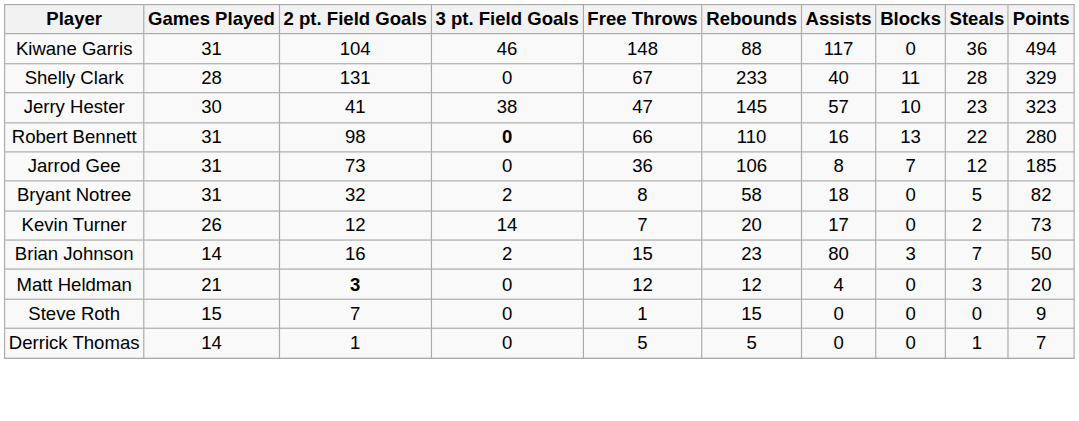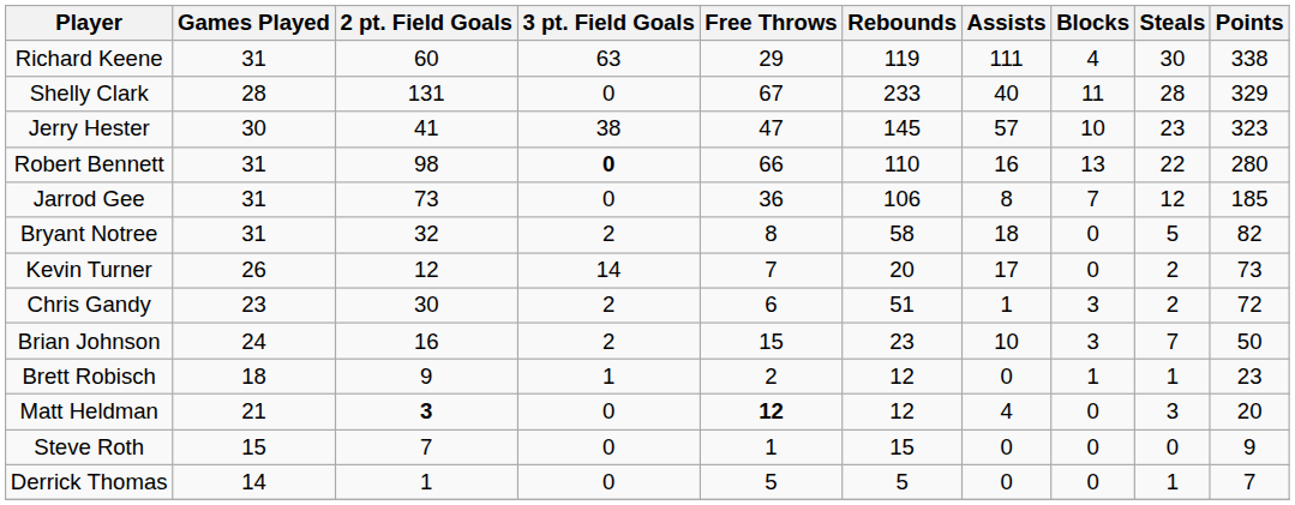 <table class="wikitable sortable" style="text-align:center">
 <tr>
 <th>Player</th>
 <th>Games Played</th>
 <th>2 pt. Field Goals</th>
 <th>3 pt. Field Goals</th>
 <th>Free Throws</th>
 <th>Rebounds</th>
 <th>Assists</th>
 <th>Blocks</th>
 <th>Steals</th>
 <th>Points</th>
 </tr>
 <tr align="center" bgcolor="">
-<td>Kiwane Garris</td>
+<td>Richard Keene</td>
 <td>31</td>
-<td>104</td>
-<td>46</td>
-<td>148</td>
-<td>88</td>
-<td>117</td>
-<td>0</td>
-<td>36</td>
-<td>494</td>
+<td>60</td>
+<td>63</td>
+<td>29</td>
+<td>119</td>
+<td>111</td>
+<td>4</td>
+<td>30</td>
+<td>338</td>
 </tr>
 <tr align="center" bgcolor="">
 <td>Shelly Clark</td>
 <td>28</td>
 <td>131</td>
 <td>0</td>
 <td>67</td>
 <td>233</td>
 <td>40</td>
 <td>11</td>
 <td>28</td>
 <td>329</td>
 </tr>
 <tr align="center" bgcolor="">
 <td>Jerry Hester</td>
 <td>30</td>
 <td>41</td>
 <td>38</td>
 <td>47</td>
 <td>145</td>
 <td>57</td>
 <td>10</td>
 <td>23</td>
 <td>323</td>
 </tr>
 <tr align="center" bgcolor="">
 <td>Robert Bennett</td>
 <td>31</td>
 <td>98</td>
 <td><strong>0</strong></td>
 <td>66</td>
 <td>110</td>
 <td>16</td>
 <td>13</td>
 <td>22</td>
 <td>280</td>
 </tr>
 <tr align="center" bgcolor="">
 <td>Jarrod Gee</td>
 <td>31</td>
 <td>73</td>
 <td>0</td>
 <td>36</td>
 <td>106</td>
 <td>8</td>
 <td>7</td>
 <td>12</td>
 <td>185</td>
 </tr>
 <tr align="center" bgcolor="">
 <td>Bryant Notree</td>
 <td>31</td>
 <td>32</td>
 <td>2</td>
 <td>8</td>
 <td>58</td>
 <td>18</td>
 <td>0</td>
 <td>5</td>
 <td>82</td>
 </tr>
 <tr align="center" bgcolor="">
 <td>Kevin Turner</td>
 <td>26</td>
 <td>12</td>
 <td>14</td>
 <td>7</td>
 <td>20</td>
 <td>17</td>
 <td>0</td>
 <td>2</td>
 <td>73</td>
 </tr>
 <tr align="center" bgcolor="">
+<td>Chris Gandy</td>
+<td>23</td>
+<td>30</td>
+<td>2</td>
+<td>6</td>
+<td>51</td>
+<td>1</td>
+<td>3</td>
+<td>2</td>
+<td>72</td>
+</tr>
+<tr align="center" bgcolor="">
 <td>Brian Johnson</td>
-<td>14</td>
+<td>24</td>
 <td>16</td>
 <td>2</td>
 <td>15</td>
 <td>23</td>
-<td>80</td>
+<td>10</td>
 <td>3</td>
 <td>7</td>
 <td>50</td>
+</tr>
+<tr align="center" bgcolor="">
+<td>Brett Robisch</td>
+<td>18</td>
+<td>9</td>
+<td>1</td>
+<td>2</td>
+<td>12</td>
+<td>0</td>
+<td>1</td>
+<td>1</td>
+<td>23</td>
 </tr>
 <tr align="center" bgcolor="">
 <td>Matt Heldman</td>
 <td>21</td>
 <td><strong>3</strong></td>
 <td>0</td>
-<td>12</td>
+<td><strong>12</strong></td>
 <td>12</td>
 <td>4</td>
 <td>0</td>
 <td>3</td>
 <td>20</td>
 </tr>
 <tr align="center" bgcolor="">
 <td>Steve Roth</td>
 <td>15</td>
 <td>7</td>
 <td>0</td>
 <td>1</td>
 <td>15</td>
 <td>0</td>
 <td>0</td>
 <td>0</td>
 <td>9</td>
 </tr>
 <tr align="center" bgcolor="">
 <td>Derrick Thomas</td>
 <td>14</td>
 <td>1</td>
 <td>0</td>
 <td>5</td>
 <td>5</td>
 <td>0</td>
 <td>0</td>
 <td>1</td>
 <td>7</td>
 </tr>
 <tr align="center" bgcolor="">
 </tr>
 </table>
